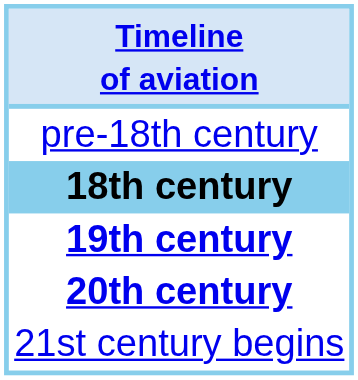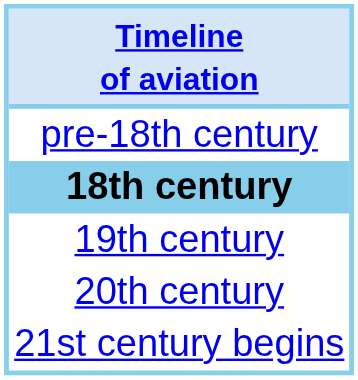 <table cellspacing="0" cellpadding="2"  style="float:right; border:solid 2px skyBlue; margin-left:1em; margin-bottom:1em;">
 <tr>
 <th style="background:#d6e6f6; border-bottom:solid 2px skyBlue;"><a href='#'><small>Timeline<br>of aviation</small></a></th>
 </tr>
 <tr>
 <td align=center><a href='#'>pre-18th century</a></td>
 </tr>
 <tr>
 <td style="text-align:center; background:skyBlue;"><strong>18th century</strong></td>
 </tr>
 <tr h>
-<td align=center><strong><a href='#'>19th century</a></strong></td>
+<td align=center><a href='#'>19th century</a></td>
 </tr>
 <tr>
-<td align=center><strong><a href='#'>20th century</a></strong></td>
+<td align=center><a href='#'>20th century</a></td>
 </tr>
 <tr>
 <td align=center><a href='#'>21st century begins</a></td>
 </tr>
 </table>
